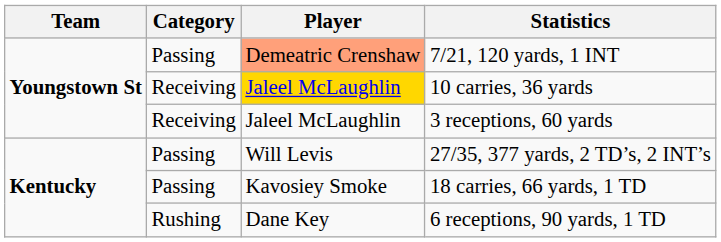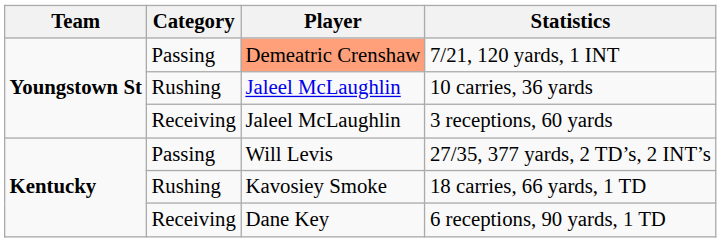 <table class="wikitable" style="float: right;">
 <tr>
 <th>Team</th>
 <th>Category</th>
 <th>Player</th>
 <th>Statistics</th>
 </tr>
 <tr>
 <td rowspan=3><strong>Youngstown St</strong></td>
 <td>Passing</td>
 <td style="background: lightsalmon;">Demeatric Crenshaw</td>
 <td>7/21, 120 yards, 1 INT</td>
 </tr>
 <tr>
-<td>Receiving</td>
-<td style="background: gold;"><a href='#'>Jaleel McLaughlin</a></td>
+<td>Rushing</td>
+<td><a href='#'>Jaleel McLaughlin</a></td>
 <td>10 carries, 36 yards</td>
 </tr>
 <tr>
 <td>Receiving</td>
 <td>Jaleel McLaughlin</td>
 <td>3 receptions, 60 yards</td>
 </tr>
 <tr>
 <td rowspan=3><strong>Kentucky</strong></td>
 <td>Passing</td>
 <td>Will Levis</td>
 <td>27/35, 377 yards, 2 TD’s, 2 INT’s</td>
 </tr>
 <tr>
-<td>Passing</td>
+<td>Rushing</td>
 <td>Kavosiey Smoke</td>
 <td>18 carries, 66 yards, 1 TD</td>
 </tr>
 <tr>
-<td>Rushing</td>
+<td>Receiving</td>
 <td>Dane Key</td>
 <td>6 receptions, 90 yards, 1 TD</td>
 </tr>
 </table>
